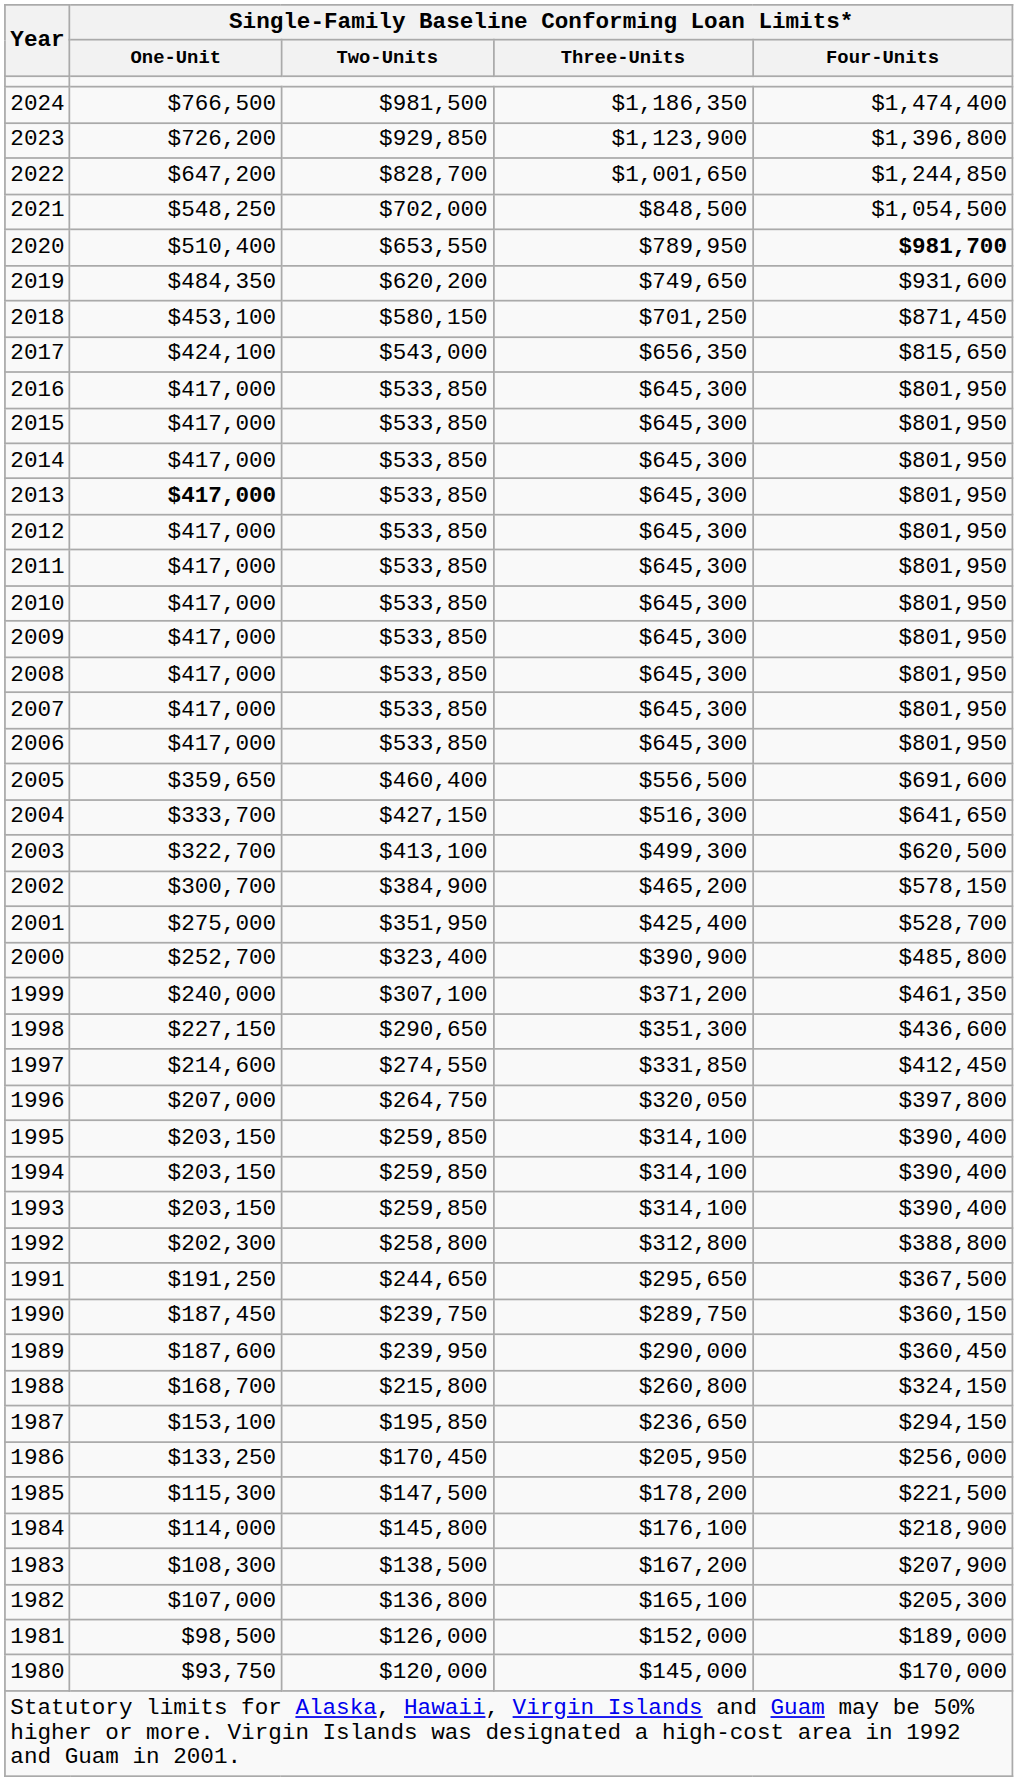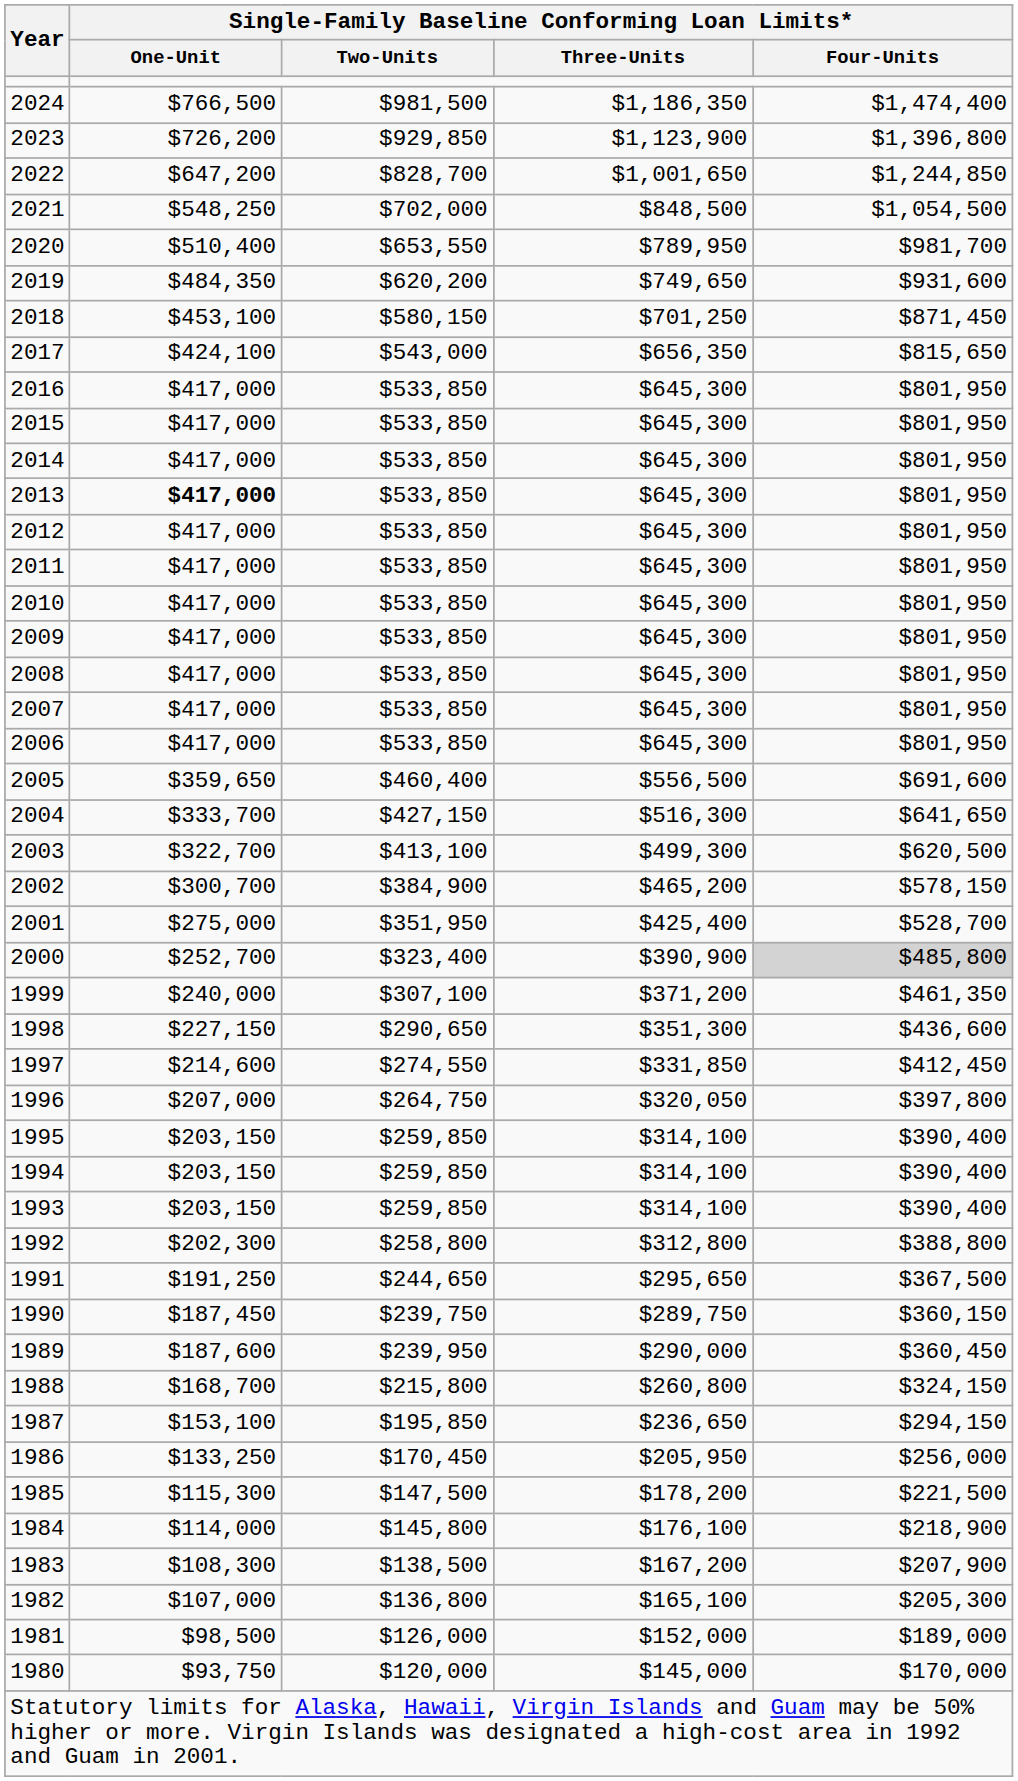 <table class="wikitable" style="margin:auto;text-align:right;line-height:1.1;width:580px">
 <tr>
 <th width=28 rowspan=2>Year</th>
 <th colspan=4>Single-Family Baseline Conforming Loan Limits*</th>
 </tr>
 <tr>
 <th><small>One-Unit</small></th>
 <th><small>Two-Units</small></th>
 <th><small>Three-Units</small></th>
 <th><small>Four-Units</small></th>
 </tr>
 <tr>
 <td></td>
 </tr>
 <tr>
 <td>2024</td>
 <td>$766,500</td>
 <td>$981,500</td>
 <td>$1,186,350</td>
 <td>$1,474,400</td>
 </tr>
 <tr>
 <td>2023</td>
 <td>$726,200</td>
 <td>$929,850</td>
 <td>$1,123,900</td>
 <td>$1,396,800</td>
 </tr>
 <tr>
 <td>2022</td>
 <td>$647,200</td>
 <td>$828,700</td>
 <td>$1,001,650</td>
 <td>$1,244,850</td>
 </tr>
 <tr>
 <td>2021</td>
 <td>$548,250</td>
 <td>$702,000</td>
 <td>$848,500</td>
 <td>$1,054,500</td>
 </tr>
 <tr>
 <td>2020</td>
 <td>$510,400</td>
 <td>$653,550</td>
 <td>$789,950</td>
-<td><strong>$981,700</strong></td>
+<td>$981,700</td>
 </tr>
 <tr>
 <td>2019</td>
 <td>$484,350</td>
 <td>$620,200</td>
 <td>$749,650</td>
 <td>$931,600</td>
 </tr>
 <tr>
 <td>2018</td>
 <td>$453,100</td>
 <td>$580,150</td>
 <td>$701,250</td>
 <td>$871,450</td>
 </tr>
 <tr>
 <td>2017</td>
 <td>$424,100</td>
 <td>$543,000</td>
 <td>$656,350</td>
 <td>$815,650</td>
 </tr>
 <tr>
 <td>2016</td>
 <td>$417,000</td>
 <td>$533,850</td>
 <td>$645,300</td>
 <td>$801,950</td>
 </tr>
 <tr>
 <td>2015</td>
 <td>$417,000</td>
 <td>$533,850</td>
 <td>$645,300</td>
 <td>$801,950</td>
 </tr>
 <tr>
 <td>2014</td>
 <td>$417,000</td>
 <td>$533,850</td>
 <td>$645,300</td>
 <td>$801,950</td>
 </tr>
 <tr>
 <td>2013</td>
 <td><strong>$417,000</strong></td>
 <td>$533,850</td>
 <td>$645,300</td>
 <td>$801,950</td>
 </tr>
 <tr>
 <td>2012</td>
 <td>$417,000</td>
 <td>$533,850</td>
 <td>$645,300</td>
 <td>$801,950</td>
 </tr>
 <tr>
 <td>2011</td>
 <td>$417,000</td>
 <td>$533,850</td>
 <td>$645,300</td>
 <td>$801,950</td>
 </tr>
 <tr>
 <td>2010</td>
 <td>$417,000</td>
 <td>$533,850</td>
 <td>$645,300</td>
 <td>$801,950</td>
 </tr>
 <tr>
 <td>2009</td>
 <td>$417,000</td>
 <td>$533,850</td>
 <td>$645,300</td>
 <td>$801,950</td>
 </tr>
 <tr>
 <td>2008</td>
 <td>$417,000</td>
 <td>$533,850</td>
 <td>$645,300</td>
 <td>$801,950</td>
 </tr>
 <tr>
 <td>2007</td>
 <td>$417,000</td>
 <td>$533,850</td>
 <td>$645,300</td>
 <td>$801,950</td>
 </tr>
 <tr>
 <td>2006</td>
 <td>$417,000</td>
 <td>$533,850</td>
 <td>$645,300</td>
 <td>$801,950</td>
 </tr>
 <tr>
 <td>2005</td>
 <td>$359,650</td>
 <td>$460,400</td>
 <td>$556,500</td>
 <td>$691,600</td>
 </tr>
 <tr>
 <td>2004</td>
 <td>$333,700</td>
 <td>$427,150</td>
 <td>$516,300</td>
 <td>$641,650</td>
 </tr>
 <tr>
 <td>2003</td>
 <td>$322,700</td>
 <td>$413,100</td>
 <td>$499,300</td>
 <td>$620,500</td>
 </tr>
 <tr>
 <td>2002</td>
 <td>$300,700</td>
 <td>$384,900</td>
 <td>$465,200</td>
 <td>$578,150</td>
 </tr>
 <tr>
 <td>2001</td>
 <td>$275,000</td>
 <td>$351,950</td>
 <td>$425,400</td>
 <td>$528,700</td>
 </tr>
 <tr>
 <td>2000</td>
 <td>$252,700</td>
 <td>$323,400</td>
 <td>$390,900</td>
-<td>$485,800</td>
+<td style="background: lightgrey;">$485,800</td>
 </tr>
 <tr>
 <td>1999</td>
 <td>$240,000</td>
 <td>$307,100</td>
 <td>$371,200</td>
 <td>$461,350</td>
 </tr>
 <tr>
 <td>1998</td>
 <td>$227,150</td>
 <td>$290,650</td>
 <td>$351,300</td>
 <td>$436,600</td>
 </tr>
 <tr>
 <td>1997</td>
 <td>$214,600</td>
 <td>$274,550</td>
 <td>$331,850</td>
 <td>$412,450</td>
 </tr>
 <tr>
 <td>1996</td>
 <td>$207,000</td>
 <td>$264,750</td>
 <td>$320,050</td>
 <td>$397,800</td>
 </tr>
 <tr>
 <td>1995</td>
 <td>$203,150</td>
 <td>$259,850</td>
 <td>$314,100</td>
 <td>$390,400</td>
 </tr>
 <tr>
 <td>1994</td>
 <td>$203,150</td>
 <td>$259,850</td>
 <td>$314,100</td>
 <td>$390,400</td>
 </tr>
 <tr>
 <td>1993</td>
 <td>$203,150</td>
 <td>$259,850</td>
 <td>$314,100</td>
 <td>$390,400</td>
 </tr>
 <tr>
 <td>1992</td>
 <td>$202,300</td>
 <td>$258,800</td>
 <td>$312,800</td>
 <td>$388,800</td>
 </tr>
 <tr>
 <td>1991</td>
 <td>$191,250</td>
 <td>$244,650</td>
 <td>$295,650</td>
 <td>$367,500</td>
 </tr>
 <tr>
 <td>1990</td>
 <td>$187,450</td>
 <td>$239,750</td>
 <td>$289,750</td>
 <td>$360,150</td>
 </tr>
 <tr>
 <td>1989</td>
 <td>$187,600</td>
 <td>$239,950</td>
 <td>$290,000</td>
 <td>$360,450</td>
 </tr>
 <tr>
 <td>1988</td>
 <td>$168,700</td>
 <td>$215,800</td>
 <td>$260,800</td>
 <td>$324,150</td>
 </tr>
 <tr>
 <td>1987</td>
 <td>$153,100</td>
 <td>$195,850</td>
 <td>$236,650</td>
 <td>$294,150</td>
 </tr>
 <tr>
 <td>1986</td>
 <td>$133,250</td>
 <td>$170,450</td>
 <td>$205,950</td>
 <td>$256,000</td>
 </tr>
 <tr>
 <td>1985</td>
 <td>$115,300</td>
 <td>$147,500</td>
 <td>$178,200</td>
 <td>$221,500</td>
 </tr>
 <tr>
 <td>1984</td>
 <td>$114,000</td>
 <td>$145,800</td>
 <td>$176,100</td>
 <td>$218,900</td>
 </tr>
 <tr>
 <td>1983</td>
 <td>$108,300</td>
 <td>$138,500</td>
 <td>$167,200</td>
 <td>$207,900</td>
 </tr>
 <tr>
 <td>1982</td>
 <td>$107,000</td>
 <td>$136,800</td>
 <td>$165,100</td>
 <td>$205,300</td>
 </tr>
 <tr>
 <td>1981</td>
 <td>$98,500</td>
 <td>$126,000</td>
 <td>$152,000</td>
 <td>$189,000</td>
 </tr>
 <tr>
 <td>1980</td>
 <td>$93,750</td>
 <td>$120,000</td>
 <td>$145,000</td>
 <td>$170,000</td>
 </tr>
 <tr style="text-align:left">
 <td colspan=6>Statutory limits for <a href='#'>Alaska</a>, <a href='#'>Hawaii</a>, <a href='#'>Virgin Islands</a> and <a href='#'>Guam</a> may be 50% higher or more. Virgin Islands was designated a high-cost area in 1992 and Guam in 2001.</td>
 </tr>
 </table>
